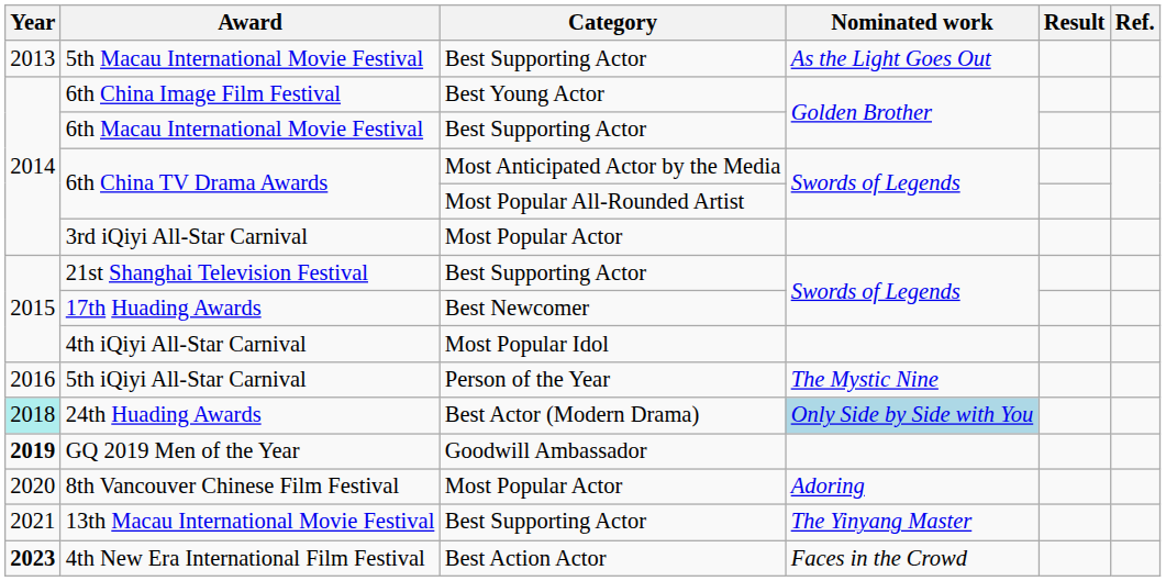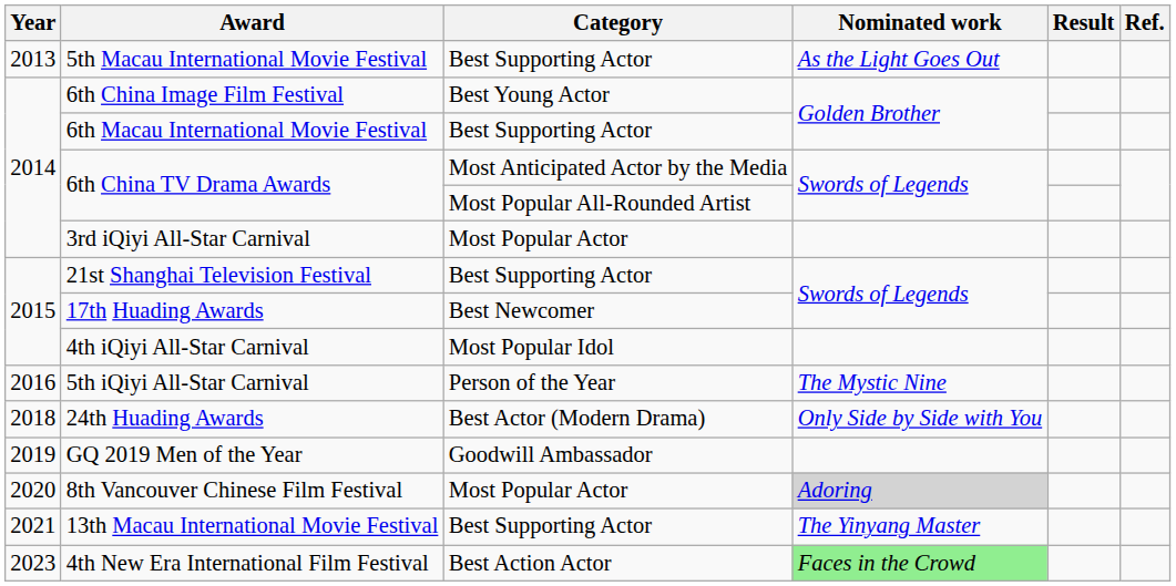 <table class="wikitable">
 <tr>
 <th>Year</th>
 <th>Award</th>
 <th>Category</th>
 <th>Nominated work</th>
 <th>Result</th>
 <th>Ref.</th>
 </tr>
 <tr>
 <td>2013</td>
 <td>5th <a href='#'>Macau International Movie Festival</a></td>
 <td>Best Supporting Actor</td>
 <td><em><a href='#'>As the Light Goes Out</a></em></td>
 <td></td>
 <td></td>
 </tr>
 <tr>
 <td rowspan=5>2014</td>
 <td>6th <a href='#'>China Image Film Festival</a></td>
 <td>Best Young Actor</td>
 <td rowspan=2><em><a href='#'>Golden Brother</a></em></td>
 <td></td>
 <td></td>
 </tr>
 <tr>
 <td>6th <a href='#'>Macau International Movie Festival</a></td>
 <td>Best Supporting Actor</td>
 <td></td>
 <td></td>
 </tr>
 <tr>
 <td rowspan=2>6th <a href='#'>China TV Drama Awards</a></td>
 <td>Most Anticipated Actor by the Media</td>
 <td rowspan=2><em><a href='#'>Swords of Legends</a></em></td>
 <td></td>
 <td rowspan=2></td>
 </tr>
 <tr>
 <td>Most Popular All-Rounded Artist</td>
 <td></td>
 </tr>
 <tr>
 <td>3rd iQiyi All-Star Carnival</td>
 <td>Most Popular Actor</td>
 <td></td>
 <td></td>
 <td></td>
 </tr>
 <tr>
 <td rowspan=3>2015</td>
 <td>21st <a href='#'>Shanghai Television Festival</a></td>
 <td>Best Supporting Actor</td>
 <td rowspan=2><em><a href='#'>Swords of Legends</a></em></td>
 <td></td>
 <td></td>
 </tr>
 <tr>
 <td><a href='#'>17th</a> <a href='#'>Huading Awards</a></td>
 <td>Best Newcomer</td>
 <td></td>
 <td></td>
 </tr>
 <tr>
 <td>4th iQiyi All-Star Carnival</td>
 <td>Most Popular Idol</td>
 <td></td>
 <td></td>
 <td></td>
 </tr>
 <tr>
 <td rowspan=1>2016</td>
 <td>5th iQiyi All-Star Carnival</td>
 <td>Person of the Year</td>
 <td><em><a href='#'>The Mystic Nine</a></em></td>
 <td></td>
 <td></td>
 </tr>
 <tr>
-<td style="background: paleturquoise;">2018</td>
+<td>2018</td>
 <td>24th <a href='#'>Huading Awards</a></td>
 <td>Best Actor (Modern Drama)</td>
-<td style="background: lightblue;"><em><a href='#'>Only Side by Side with You</a></em></td>
+<td><em><a href='#'>Only Side by Side with You</a></em></td>
 <td></td>
 <td></td>
 </tr>
 <tr>
-<td><strong>2019</strong></td>
+<td>2019</td>
 <td>GQ 2019 Men of the Year</td>
 <td>Goodwill Ambassador</td>
 <td></td>
 <td></td>
 <td></td>
 </tr>
 <tr>
 <td>2020</td>
 <td>8th Vancouver Chinese Film Festival</td>
 <td>Most Popular Actor</td>
-<td><em><a href='#'>Adoring</a></em></td>
+<td style="background: lightgrey;"><em><a href='#'>Adoring</a></em></td>
 <td></td>
 <td></td>
 </tr>
 <tr>
 <td>2021</td>
 <td>13th <a href='#'>Macau International Movie Festival</a></td>
 <td>Best Supporting Actor</td>
 <td><em><a href='#'>The Yinyang Master</a></em></td>
 <td></td>
 <td></td>
 </tr>
 <tr>
-<td><strong>2023</strong></td>
+<td>2023</td>
 <td>4th New Era International Film Festival</td>
 <td>Best Action Actor</td>
-<td><em>Faces in the Crowd</em></td>
+<td style="background: lightgreen;"><em>Faces in the Crowd</em></td>
 <td></td>
 <td></td>
 </tr>
 </table>
